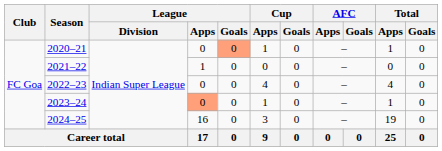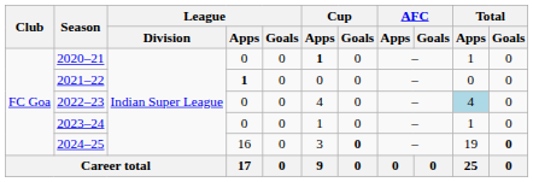 <table class="wikitable" style="text-align: center;">
 <tr>
 <th rowspan="2">Club</th>
 <th rowspan="2">Season</th>
 <th colspan="3">League</th>
 <th colspan="2">Cup</th>
 <th colspan="2"><a href='#'>AFC</a></th>
 <th colspan="2">Total</th>
 </tr>
 <tr>
 <th>Division</th>
 <th>Apps</th>
 <th>Goals</th>
 <th>Apps</th>
 <th>Goals</th>
 <th>Apps</th>
 <th>Goals</th>
 <th>Apps</th>
 <th>Goals</th>
 </tr>
 <tr>
 <td rowspan="5"><a href='#'>FC Goa</a></td>
 <td><a href='#'>2020–21</a></td>
 <td rowspan="5"><a href='#'>Indian Super League</a></td>
 <td>0</td>
-<td style="background: lightsalmon;">0</td>
-<td>1</td>
+<td>0</td>
+<td><strong>1</strong></td>
 <td>0</td>
 <td colspan="2">–</td>
 <td>1</td>
 <td>0</td>
 </tr>
 <tr>
 <td><a href='#'>2021–22</a></td>
-<td>1</td>
+<td><strong>1</strong></td>
 <td>0</td>
 <td>0</td>
 <td>0</td>
 <td colspan="2">–</td>
 <td>0</td>
 <td>0</td>
 </tr>
 <tr>
 <td><a href='#'>2022–23</a></td>
 <td>0</td>
 <td>0</td>
 <td>4</td>
 <td>0</td>
 <td colspan="2">–</td>
-<td>4</td>
+<td style="background: lightblue;">4</td>
 <td>0</td>
 </tr>
 <tr>
 <td><a href='#'>2023–24</a></td>
-<td style="background: lightsalmon;">0</td>
+<td>0</td>
 <td>0</td>
 <td>1</td>
 <td>0</td>
 <td colspan="2">–</td>
 <td>1</td>
 <td>0</td>
 </tr>
 <tr>
 <td><a href='#'>2024–25</a></td>
 <td>16</td>
 <td>0</td>
 <td>3</td>
-<td>0</td>
+<td><strong>0</strong></td>
 <td colspan="2">–</td>
 <td>19</td>
-<td>0</td>
+<td><strong>0</strong></td>
 </tr>
 <tr>
 <th colspan="3">Career total</th>
 <th>17</th>
 <th>0</th>
 <th>9</th>
 <th>0</th>
 <th>0</th>
 <th>0</th>
 <th>25</th>
 <th>0</th>
 </tr>
 </table>
